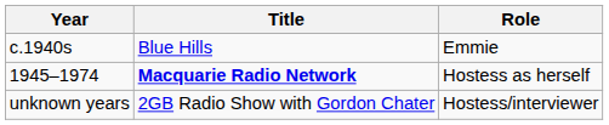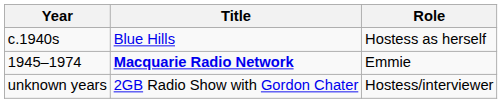 <table class="wikitable">
 <tr>
 <th>Year</th>
 <th>Title</th>
 <th>Role</th>
 </tr>
 <tr>
 <td>c.1940s</td>
 <td><a href='#'>Blue Hills</a></td>
-<td>Emmie</td>
+<td>Hostess as herself</td>
 </tr>
 <tr>
 <td>1945–1974</td>
 <td><strong><a href='#'>Macquarie Radio Network</a></strong></td>
-<td>Hostess as herself</td>
+<td>Emmie</td>
 </tr>
 <tr>
 <td>unknown years</td>
 <td><a href='#'>2GB</a> Radio Show with <a href='#'>Gordon Chater</a></td>
 <td>Hostess/interviewer</td>
 </tr>
 </table>
